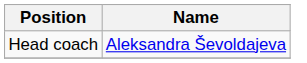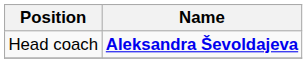 <table class="wikitable" style="text-align:left;">
 <tr>
 <th>Position</th>
 <th>Name</th>
 </tr>
 <tr>
 <td>Head coach</td>
-<td> <a href='#'>Aleksandra Ševoldajeva</a></td>
+<td><strong> <a href='#'>Aleksandra Ševoldajeva</a></strong></td>
 </tr>
 <tr>
 </tr>
 </table>
